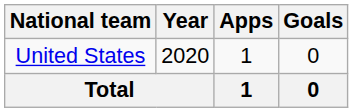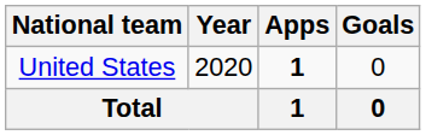 <table class=wikitable style=text-align:center>
 <tr>
 <th>National team</th>
 <th>Year</th>
 <th>Apps</th>
 <th>Goals</th>
 </tr>
 <tr>
 <td rowspan=1><a href='#'>United States</a></td>
 <td>2020</td>
-<td>1</td>
+<td><strong>1</strong></td>
 <td>0</td>
 </tr>
 <tr>
 <th colspan=2>Total</th>
 <th>1</th>
 <th>0</th>
 </tr>
 </table>
